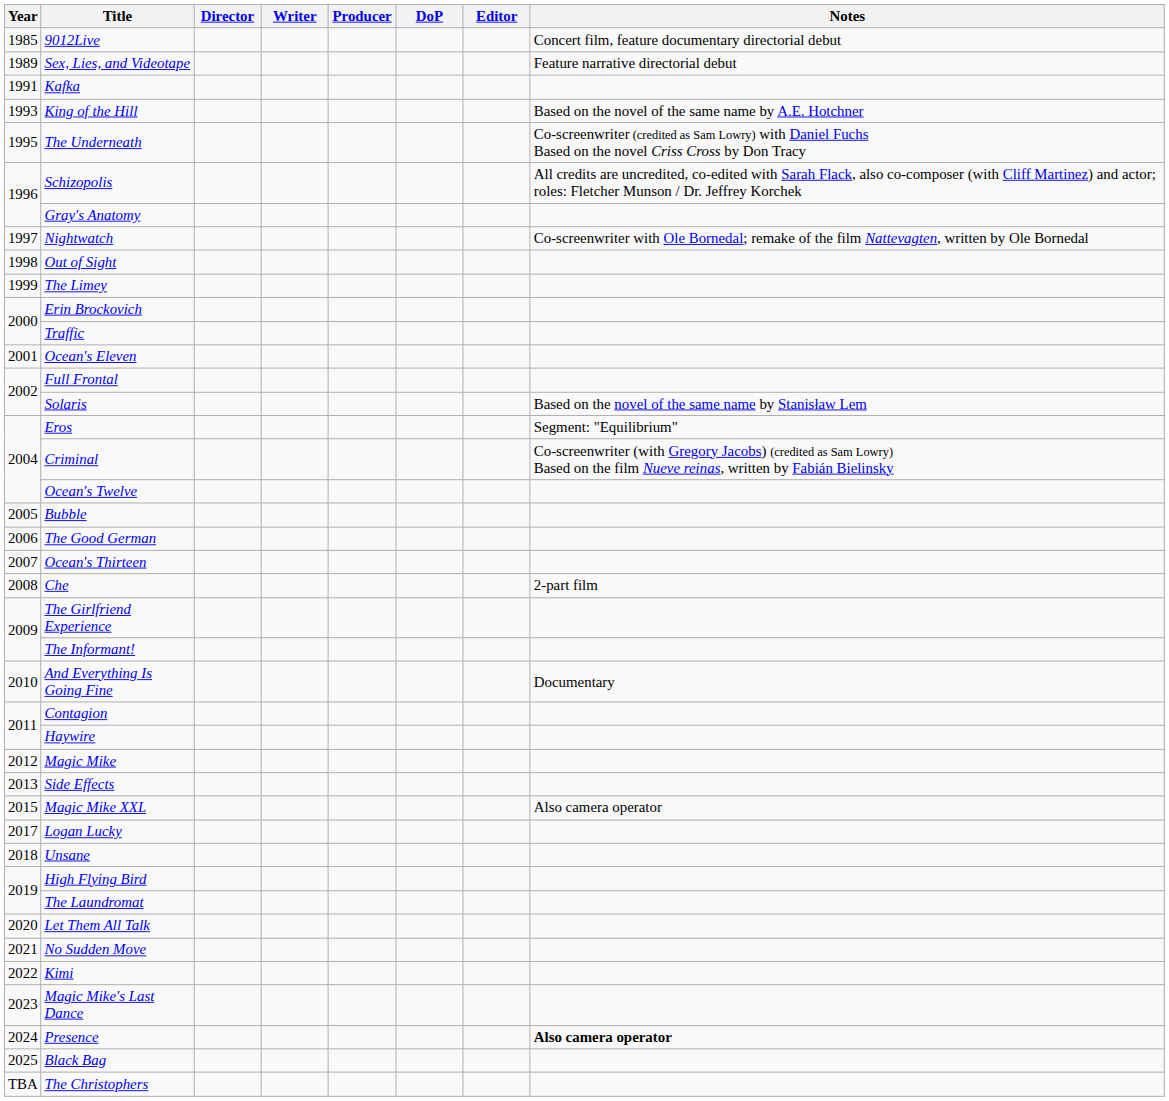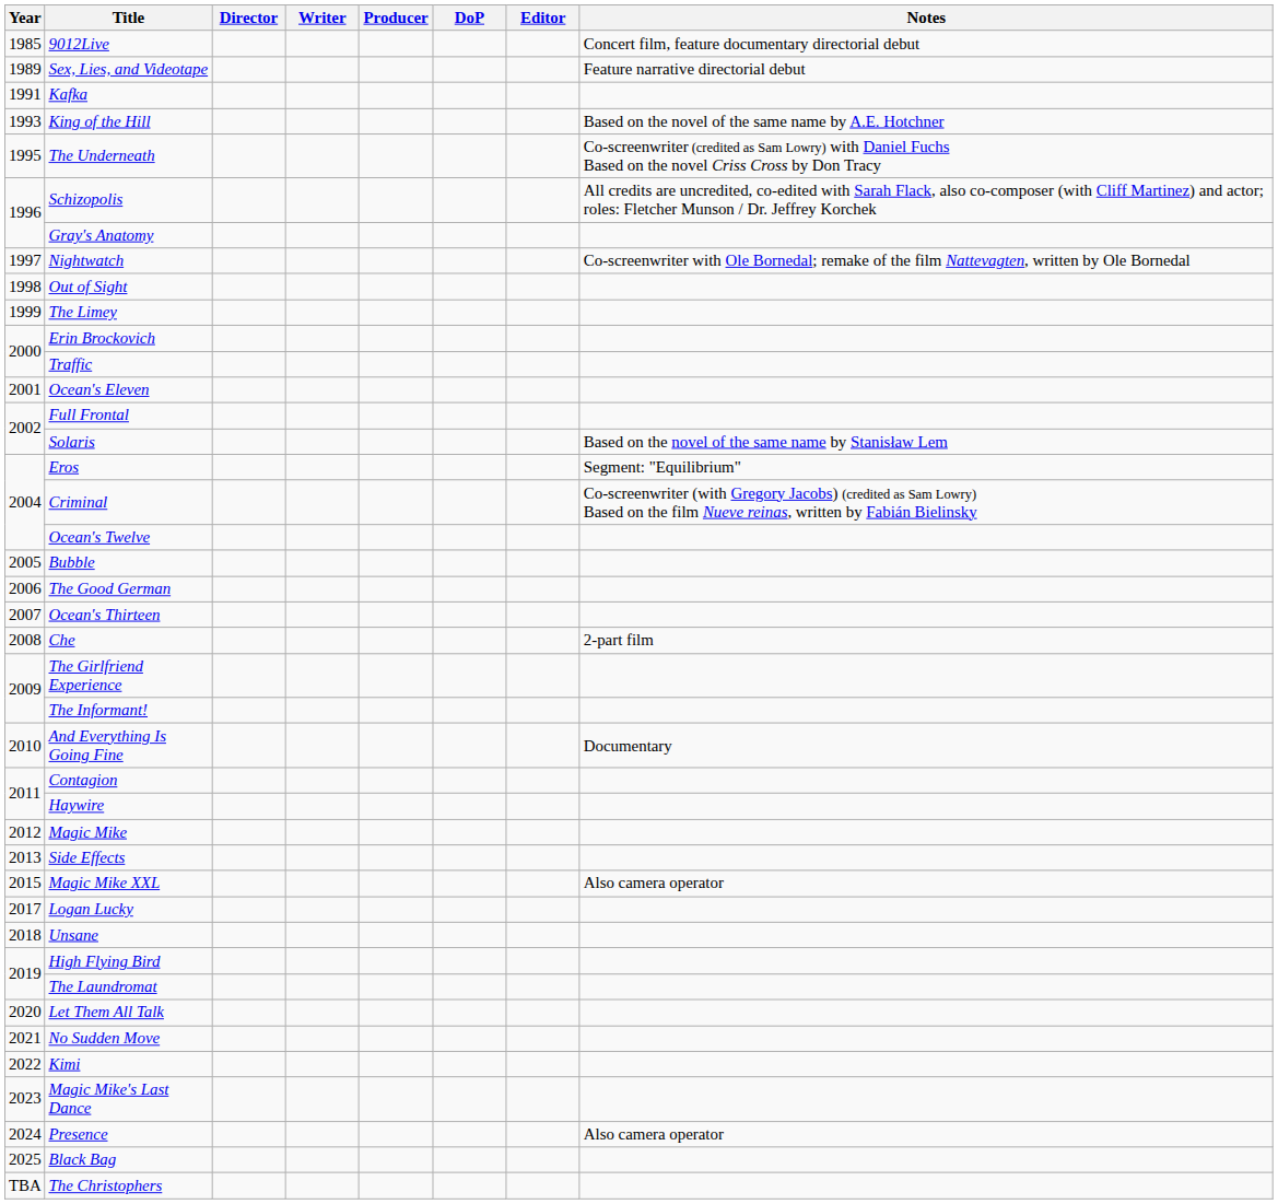 <table class="wikitable sortable">
 <tr>
 <th>Year</th>
 <th>Title</th>
 <th width="65"><a href='#'>Director</a></th>
 <th width="65"><a href='#'>Writer</a></th>
 <th width="65"><a href='#'>Producer</a></th>
 <th width="65"><a href='#'>DoP</a></th>
 <th width="65"><a href='#'>Editor</a></th>
 <th>Notes</th>
 </tr>
 <tr>
 <td>1985</td>
 <td><em><a href='#'>9012Live</a></em></td>
 <td></td>
 <td></td>
 <td></td>
 <td></td>
 <td></td>
 <td>Concert film, feature documentary directorial debut</td>
 </tr>
 <tr>
 <td>1989</td>
 <td><em><a href='#'>Sex, Lies, and Videotape</a></em></td>
 <td></td>
 <td></td>
 <td></td>
 <td></td>
 <td></td>
 <td>Feature narrative directorial debut</td>
 </tr>
 <tr>
 <td>1991</td>
 <td><em><a href='#'>Kafka</a></em></td>
 <td></td>
 <td></td>
 <td></td>
 <td></td>
 <td></td>
 <td></td>
 </tr>
 <tr>
 <td>1993</td>
 <td><em><a href='#'>King of the Hill</a></em></td>
 <td></td>
 <td></td>
 <td></td>
 <td></td>
 <td></td>
 <td>Based on the novel of the same name by <a href='#'>A.E. Hotchner</a></td>
 </tr>
 <tr>
 <td>1995</td>
 <td><em><a href='#'>The Underneath</a></em></td>
 <td></td>
 <td></td>
 <td></td>
 <td></td>
 <td></td>
 <td>Co-screenwriter<small> (credited as Sam Lowry)</small> with <a href='#'>Daniel Fuchs</a><br>Based on the novel <em>Criss Cross</em> by Don Tracy</td>
 </tr>
 <tr>
 <td rowspan="2">1996</td>
 <td><em><a href='#'>Schizopolis</a></em></td>
 <td></td>
 <td></td>
 <td></td>
 <td></td>
 <td></td>
 <td>All credits are uncredited, co-edited with <a href='#'>Sarah Flack</a>, also co-composer (with <a href='#'>Cliff Martinez</a>) and actor; roles: Fletcher Munson / Dr. Jeffrey Korchek</td>
 </tr>
 <tr>
 <td><em><a href='#'>Gray's Anatomy</a></em></td>
 <td></td>
 <td></td>
 <td></td>
 <td></td>
 <td></td>
 <td></td>
 </tr>
 <tr>
 <td>1997</td>
 <td><em><a href='#'>Nightwatch</a></em></td>
 <td></td>
 <td></td>
 <td></td>
 <td></td>
 <td></td>
 <td>Co-screenwriter with <a href='#'>Ole Bornedal</a>; remake of the film <em><a href='#'>Nattevagten</a></em>, written by Ole Bornedal</td>
 </tr>
 <tr>
 <td rowspan="1">1998</td>
 <td><em><a href='#'>Out of Sight</a></em></td>
 <td></td>
 <td></td>
 <td></td>
 <td></td>
 <td></td>
 <td></td>
 </tr>
 <tr>
 <td>1999</td>
 <td><em><a href='#'>The Limey</a></em></td>
 <td></td>
 <td></td>
 <td></td>
 <td></td>
 <td></td>
 <td></td>
 </tr>
 <tr>
 <td rowspan="2">2000</td>
 <td><em><a href='#'>Erin Brockovich</a></em></td>
 <td></td>
 <td></td>
 <td></td>
 <td></td>
 <td></td>
 <td></td>
 </tr>
 <tr>
 <td><em><a href='#'>Traffic</a></em></td>
 <td></td>
 <td></td>
 <td></td>
 <td></td>
 <td></td>
 <td></td>
 </tr>
 <tr>
 <td>2001</td>
 <td><em><a href='#'>Ocean's Eleven</a></em></td>
 <td></td>
 <td></td>
 <td></td>
 <td></td>
 <td></td>
 <td></td>
 </tr>
 <tr>
 <td rowspan="2">2002</td>
 <td><em><a href='#'>Full Frontal</a></em></td>
 <td></td>
 <td></td>
 <td></td>
 <td></td>
 <td></td>
 <td></td>
 </tr>
 <tr>
 <td><em><a href='#'>Solaris</a></em></td>
 <td></td>
 <td></td>
 <td></td>
 <td></td>
 <td></td>
 <td>Based on the <a href='#'>novel of the same name</a> by <a href='#'>Stanisław Lem</a></td>
 </tr>
 <tr>
 <td rowspan="3">2004</td>
 <td><em><a href='#'>Eros</a></em></td>
 <td></td>
 <td></td>
 <td></td>
 <td></td>
 <td></td>
 <td>Segment: "Equilibrium"</td>
 </tr>
 <tr>
 <td><em><a href='#'>Criminal</a></em></td>
 <td></td>
 <td></td>
 <td></td>
 <td></td>
 <td></td>
 <td>Co-screenwriter (with <a href='#'>Gregory Jacobs</a>) <small>(credited as Sam Lowry) </small> <br>Based on the film <em><a href='#'>Nueve reinas</a></em>, written by <a href='#'>Fabián Bielinsky</a></td>
 </tr>
 <tr>
 <td><em><a href='#'>Ocean's Twelve</a></em></td>
 <td></td>
 <td></td>
 <td></td>
 <td></td>
 <td></td>
 <td></td>
 </tr>
 <tr>
 <td>2005</td>
 <td><em><a href='#'>Bubble</a></em></td>
 <td></td>
 <td></td>
 <td></td>
 <td></td>
 <td></td>
 <td></td>
 </tr>
 <tr>
 <td>2006</td>
 <td><em><a href='#'>The Good German</a></em></td>
 <td></td>
 <td></td>
 <td></td>
 <td></td>
 <td></td>
 <td></td>
 </tr>
 <tr>
 <td>2007</td>
 <td><em><a href='#'>Ocean's Thirteen</a></em></td>
 <td></td>
 <td></td>
 <td></td>
 <td></td>
 <td></td>
 <td></td>
 </tr>
 <tr>
 <td>2008</td>
 <td><em><a href='#'>Che</a></em></td>
 <td></td>
 <td></td>
 <td></td>
 <td></td>
 <td></td>
 <td>2-part film</td>
 </tr>
 <tr>
 <td rowspan="2">2009</td>
 <td><em><a href='#'>The Girlfriend Experience</a></em></td>
 <td></td>
 <td></td>
 <td></td>
 <td></td>
 <td></td>
 <td></td>
 </tr>
 <tr>
 <td><em><a href='#'>The Informant!</a></em></td>
 <td></td>
 <td></td>
 <td></td>
 <td></td>
 <td></td>
 <td></td>
 </tr>
 <tr>
 <td>2010</td>
 <td><em><a href='#'>And Everything Is Going Fine</a></em></td>
 <td></td>
 <td></td>
 <td></td>
 <td></td>
 <td></td>
 <td>Documentary</td>
 </tr>
 <tr>
 <td rowspan="2">2011</td>
 <td><em><a href='#'>Contagion</a></em></td>
 <td></td>
 <td></td>
 <td></td>
 <td></td>
 <td></td>
 <td></td>
 </tr>
 <tr>
 <td><em><a href='#'>Haywire</a></em></td>
 <td></td>
 <td></td>
 <td></td>
 <td></td>
 <td></td>
 <td></td>
 </tr>
 <tr>
 <td>2012</td>
 <td><em><a href='#'>Magic Mike</a></em></td>
 <td></td>
 <td></td>
 <td></td>
 <td></td>
 <td></td>
 <td></td>
 </tr>
 <tr>
 <td>2013</td>
 <td><em><a href='#'>Side Effects</a></em></td>
 <td></td>
 <td></td>
 <td></td>
 <td></td>
 <td></td>
 <td></td>
 </tr>
 <tr>
 <td>2015</td>
 <td><em><a href='#'>Magic Mike XXL</a></em></td>
 <td></td>
 <td></td>
 <td></td>
 <td></td>
 <td></td>
 <td>Also camera operator</td>
 </tr>
 <tr>
 <td>2017</td>
 <td><em><a href='#'>Logan Lucky</a></em></td>
 <td></td>
 <td></td>
 <td></td>
 <td></td>
 <td></td>
 <td></td>
 </tr>
 <tr>
 <td>2018</td>
 <td><em><a href='#'>Unsane</a></em></td>
 <td></td>
 <td></td>
 <td></td>
 <td></td>
 <td></td>
 <td></td>
 </tr>
 <tr>
 <td rowspan="2">2019</td>
 <td><em><a href='#'>High Flying Bird</a></em></td>
 <td></td>
 <td></td>
 <td></td>
 <td></td>
 <td></td>
 <td></td>
 </tr>
 <tr>
 <td><em><a href='#'>The Laundromat</a></em></td>
 <td></td>
 <td></td>
 <td></td>
 <td></td>
 <td></td>
 <td></td>
 </tr>
 <tr>
 <td>2020</td>
 <td><em><a href='#'>Let Them All Talk</a></em></td>
 <td></td>
 <td></td>
 <td></td>
 <td></td>
 <td></td>
 <td></td>
 </tr>
 <tr>
 <td>2021</td>
 <td><em><a href='#'>No Sudden Move</a></em></td>
 <td></td>
 <td></td>
 <td></td>
 <td></td>
 <td></td>
 <td></td>
 </tr>
 <tr>
 <td>2022</td>
 <td><em><a href='#'>Kimi</a></em></td>
 <td></td>
 <td></td>
 <td></td>
 <td></td>
 <td></td>
 <td></td>
 </tr>
 <tr>
 <td rowspan="1">2023</td>
 <td><em><a href='#'>Magic Mike's Last Dance</a></em></td>
 <td></td>
 <td></td>
 <td></td>
 <td></td>
 <td></td>
 <td></td>
 </tr>
 <tr>
 <td rowspan="1">2024</td>
 <td><em><a href='#'>Presence</a></em></td>
 <td></td>
 <td></td>
 <td></td>
 <td></td>
 <td></td>
-<td><strong>Also camera operator</strong></td>
+<td>Also camera operator</td>
 </tr>
 <tr>
 <td rowspan="1">2025</td>
 <td><em><a href='#'>Black Bag</a></em></td>
 <td></td>
 <td></td>
 <td></td>
 <td></td>
 <td></td>
 <td></td>
 </tr>
 <tr>
 <td rowspan="1">TBA</td>
 <td><em><a href='#'>The Christophers</a></em></td>
 <td></td>
 <td></td>
 <td></td>
 <td></td>
 <td></td>
 <td></td>
 </tr>
 </table>
